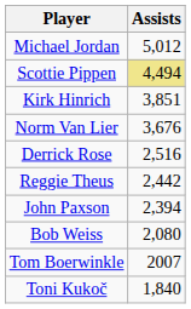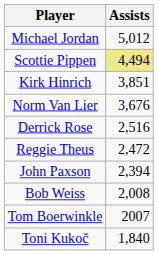 <table class="wikitable sortable">
 <tr>
 <th scope="col">Player</th>
 <th scope="col">Assists</th>
 </tr>
 <tr>
 <td style="text-align:center"><a href='#'>Michael Jordan</a></td>
 <td style="text-align:right">5,012</td>
 </tr>
 <tr>
 <td style="text-align:center"><a href='#'>Scottie Pippen</a></td>
 <td style="background: khaki; text-align:right">4,494</td>
 </tr>
 <tr>
 <td style="text-align:center"><a href='#'>Kirk Hinrich</a></td>
 <td style="text-align:right">3,851</td>
 </tr>
 <tr>
 <td style="text-align:center"><a href='#'>Norm Van Lier</a></td>
 <td style="text-align:right">3,676</td>
 </tr>
 <tr>
 <td style="text-align:center"><a href='#'>Derrick Rose</a></td>
 <td style="text-align:right">2,516</td>
 </tr>
 <tr>
 <td style="text-align:center"><a href='#'>Reggie Theus</a></td>
-<td style="text-align:right">2,442</td>
+<td style="text-align:right">2,472</td>
 </tr>
 <tr>
 <td style="text-align:center"><a href='#'>John Paxson</a></td>
 <td style="text-align:right">2,394</td>
 </tr>
 <tr>
 <td style="text-align:center"><a href='#'>Bob Weiss</a></td>
-<td style="text-align:right">2,080</td>
+<td style="text-align:right">2,008</td>
 </tr>
 <tr>
 <td style="text-align:center"><a href='#'>Tom Boerwinkle</a></td>
 <td style="text-align:right">2007</td>
 </tr>
 <tr>
 <td style="text-align:center"><a href='#'>Toni Kukoč</a></td>
 <td style="text-align:right">1,840</td>
 </tr>
 </table>
